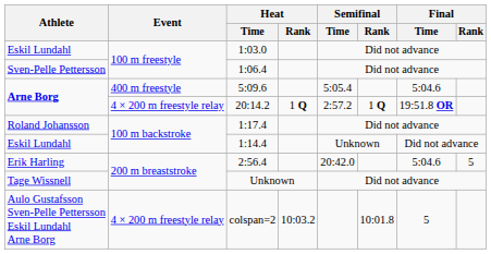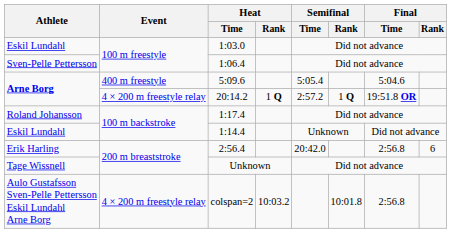 <table class=wikitable style="font-size:90%;">
 <tr>
 <th rowspan=2>Athlete</th>
 <th rowspan=2>Event</th>
 <th colspan=2>Heat</th>
 <th colspan=2>Semifinal</th>
 <th colspan=2>Final</th>
 </tr>
 <tr style="font-size:95%">
 <th>Time</th>
 <th>Rank</th>
 <th>Time</th>
 <th>Rank</th>
 <th>Time</th>
 <th>Rank</th>
 </tr>
 <tr align=center>
 <td align=left><a href='#'>Eskil Lundahl</a></td>
 <td rowspan=2 align=left><a href='#'>100 m freestyle</a></td>
 <td>1:03.0</td>
 <td></td>
 <td colspan=4>Did not advance</td>
 </tr>
 <tr align=center>
 <td align=left><a href='#'>Sven-Pelle Pettersson</a></td>
 <td>1:06.4</td>
 <td></td>
 <td colspan=4>Did not advance</td>
 </tr>
 <tr align=center>
 <td rowspan=2 align=left><strong><a href='#'>Arne Borg</a></strong></td>
 <td align=left><a href='#'>400 m freestyle</a></td>
 <td>5:09.6</td>
 <td></td>
 <td>5:05.4</td>
 <td></td>
 <td>5:04.6</td>
 <td></td>
 </tr>
 <tr align=center>
 <td align=left><a href='#'>4 × 200 m freestyle relay</a></td>
 <td>20:14.2</td>
 <td>1 <strong>Q</strong></td>
 <td>2:57.2</td>
 <td>1 <strong>Q</strong></td>
 <td>19:51.8 <strong><a href='#'>OR</a></strong></td>
 <td></td>
 </tr>
 <tr align=center>
 <td align=left><a href='#'>Roland Johansson</a></td>
 <td rowspan=2 align=left><a href='#'>100 m backstroke</a></td>
 <td>1:17.4</td>
 <td></td>
 <td colspan=4>Did not advance</td>
 </tr>
 <tr align=center>
 <td align=left><a href='#'>Eskil Lundahl</a></td>
 <td>1:14.4</td>
 <td></td>
 <td colspan=2>Unknown</td>
 <td colspan=2>Did not advance</td>
 </tr>
 <tr align=center>
 <td align=left><a href='#'>Erik Harling</a></td>
 <td rowspan=2 align=left><a href='#'>200 m breaststroke</a></td>
 <td>2:56.4</td>
 <td></td>
 <td>20:42.0</td>
 <td></td>
-<td>5:04.6</td>
-<td>5</td>
+<td>2:56.8</td>
+<td>6</td>
 </tr>
 <tr align=center>
 <td align=left><a href='#'>Tage Wissnell</a></td>
 <td colspan=2>Unknown</td>
 <td colspan=4>Did not advance</td>
 </tr>
 <tr align=center>
 <td align=left><a href='#'>Aulo Gustafsson</a><br><a href='#'>Sven-Pelle Pettersson</a><br><a href='#'>Eskil Lundahl</a><br><a href='#'>Arne Borg</a></td>
 <td align=left><a href='#'>4 × 200 m freestyle relay</a></td>
 <td>colspan=2 </td>
 <td>10:03.2</td>
 <td></td>
 <td>10:01.8</td>
-<td>5</td>
+<td>2:56.8</td>
 </tr>
 </table>
